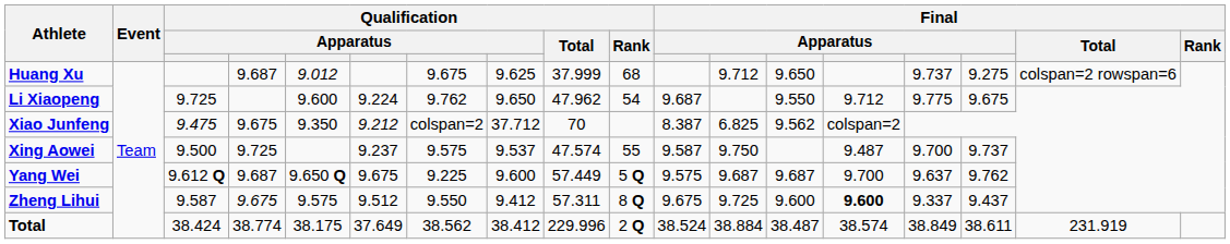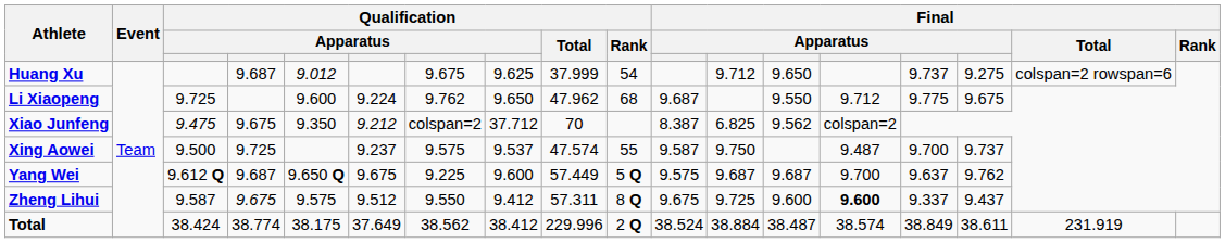 <table class=wikitable style=font-size:90%;text-align:center>
 <tr>
 <th rowspan=3>Athlete</th>
 <th rowspan=3>Event</th>
 <th colspan=8>Qualification</th>
 <th colspan=8>Final</th>
 </tr>
 <tr style=font-size:95%>
 <th colspan=6>Apparatus</th>
 <th rowspan=2>Total</th>
 <th rowspan=2>Rank</th>
 <th colspan=6>Apparatus</th>
 <th rowspan=2>Total</th>
 <th rowspan=2>Rank</th>
 </tr>
 <tr style=font-size:95%>
 <th></th>
 <th></th>
 <th></th>
 <th></th>
 <th></th>
 <th></th>
 <th></th>
 <th></th>
 <th></th>
 <th></th>
 <th></th>
 <th></th>
 </tr>
 <tr>
 <td align=left><strong><a href='#'>Huang Xu</a></strong></td>
 <td align=left rowspan=7><a href='#'>Team</a></td>
 <td></td>
 <td>9.687</td>
 <td><em>9.012</em></td>
 <td></td>
 <td>9.675</td>
 <td>9.625</td>
 <td>37.999</td>
-<td>68</td>
+<td>54</td>
 <td></td>
 <td>9.712</td>
 <td>9.650</td>
 <td></td>
 <td>9.737</td>
 <td>9.275</td>
 <td>colspan=2 rowspan=6 </td>
 </tr>
 <tr>
 <td align=left><strong><a href='#'>Li Xiaopeng</a></strong></td>
 <td>9.725</td>
 <td></td>
 <td>9.600</td>
 <td>9.224</td>
 <td>9.762</td>
 <td>9.650</td>
 <td>47.962</td>
-<td>54</td>
+<td>68</td>
 <td>9.687</td>
 <td></td>
 <td>9.550</td>
 <td>9.712</td>
 <td>9.775</td>
 <td>9.675</td>
 </tr>
 <tr>
 <td align=left><strong><a href='#'>Xiao Junfeng</a></strong></td>
 <td><em>9.475</em></td>
 <td>9.675</td>
 <td>9.350</td>
 <td><em>9.212</em></td>
 <td>colspan=2 </td>
 <td>37.712</td>
 <td>70</td>
 <td></td>
 <td>8.387</td>
 <td>6.825</td>
 <td>9.562</td>
 <td>colspan=2 </td>
 </tr>
 <tr>
 <td align=left><strong><a href='#'>Xing Aowei</a></strong></td>
 <td>9.500</td>
 <td>9.725</td>
 <td></td>
 <td>9.237</td>
 <td>9.575</td>
 <td>9.537</td>
 <td>47.574</td>
 <td>55</td>
 <td>9.587</td>
 <td>9.750</td>
 <td></td>
 <td>9.487</td>
 <td>9.700</td>
 <td>9.737</td>
 </tr>
 <tr>
 <td align=left><strong><a href='#'>Yang Wei</a></strong></td>
 <td>9.612 <strong>Q</strong></td>
 <td>9.687</td>
 <td>9.650 <strong>Q</strong></td>
 <td>9.675</td>
 <td>9.225</td>
 <td>9.600</td>
 <td>57.449</td>
 <td>5 <strong>Q</strong></td>
 <td>9.575</td>
 <td>9.687</td>
 <td>9.687</td>
 <td>9.700</td>
 <td>9.637</td>
 <td>9.762</td>
 </tr>
 <tr>
 <td align=left><strong><a href='#'>Zheng Lihui</a></strong></td>
 <td>9.587</td>
 <td><em>9.675</em></td>
 <td>9.575</td>
 <td>9.512</td>
 <td>9.550</td>
 <td>9.412</td>
 <td>57.311</td>
 <td>8 <strong>Q</strong></td>
 <td>9.675</td>
 <td>9.725</td>
 <td>9.600</td>
 <td><strong>9.600</strong></td>
 <td>9.337</td>
 <td>9.437</td>
 </tr>
 <tr>
 <td align=left><strong>Total</strong></td>
 <td>38.424</td>
 <td>38.774</td>
 <td>38.175</td>
 <td>37.649</td>
 <td>38.562</td>
 <td>38.412</td>
 <td>229.996</td>
 <td>2 <strong>Q</strong></td>
 <td>38.524</td>
 <td>38.884</td>
 <td>38.487</td>
 <td>38.574</td>
 <td>38.849</td>
 <td>38.611</td>
 <td>231.919</td>
 <td></td>
 </tr>
 </table>
